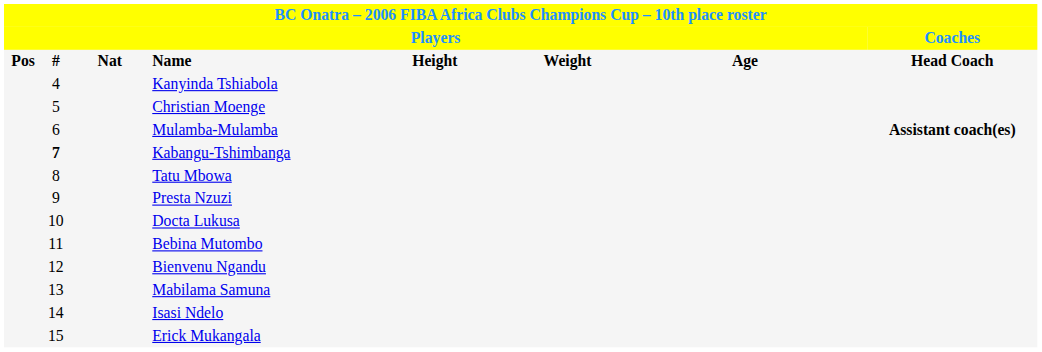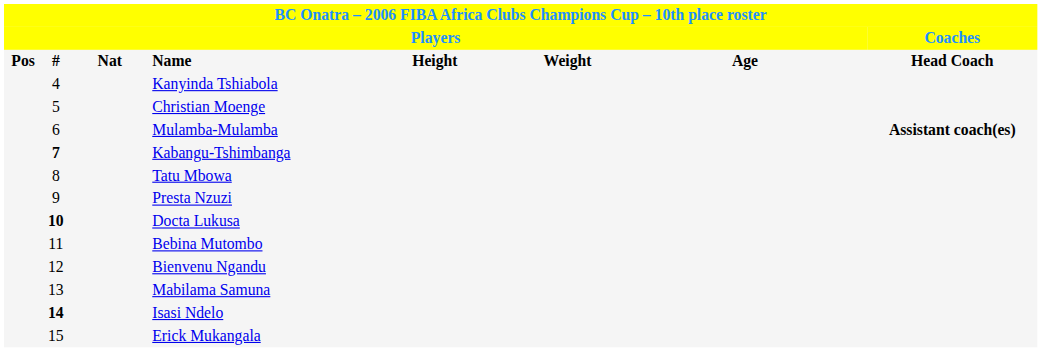 <table border=0 cellpadding=2 cellspacing=0  |- bgcolor=#f5f5f5 style="text-align:center; font-size:90%;" width=75%>
 <tr>
 <td colspan="8" style="background: yellow; color: #1e90ff"><strong>BC Onatra – 2006 FIBA Africa Clubs Champions Cup – 10th place roster</strong></td>
 </tr>
 <tr>
 <td colspan="7" style="background: yellow; color: #1e90ff"><strong>Players</strong></td>
 <td style="background: yellow; color: #1e90ff"><strong>Coaches</strong></td>
 </tr>
 <tr style="background=#f5f5f5; color: black">
 <th width=5px>Pos</th>
 <th width=5px>#</th>
 <th width=50px>Nat</th>
 <th width=135px align=left>Name</th>
 <th width=100px>Height</th>
 <th width=70px>Weight</th>
 <th width=160px>Age</th>
 <th width=110px>Head Coach</th>
 </tr>
 <tr>
 <td></td>
 <td>4</td>
 <td></td>
 <td align=left><a href='#'>Kanyinda Tshiabola</a></td>
 <td></td>
 <td></td>
 <td><span></span></td>
 <td></td>
 </tr>
 <tr>
 <td></td>
 <td>5</td>
 <td></td>
 <td align=left><a href='#'>Christian Moenge</a></td>
 <td></td>
 <td></td>
 <td><span></span></td>
 </tr>
 <tr>
 <td></td>
 <td>6</td>
 <td></td>
 <td align=left><a href='#'>Mulamba-Mulamba</a></td>
 <td></td>
 <td></td>
 <td><span></span></td>
 <td><strong>Assistant coach(es)</strong></td>
 </tr>
 <tr>
 <td></td>
 <td><strong>7</strong></td>
 <td></td>
 <td align=left><a href='#'>Kabangu-Tshimbanga</a></td>
 <td></td>
 <td></td>
 <td><span></span></td>
 </tr>
 <tr>
 <td></td>
 <td>8</td>
 <td></td>
 <td align=left><a href='#'>Tatu Mbowa</a></td>
 <td></td>
 <td></td>
 <td><span></span></td>
 </tr>
 <tr>
 <td></td>
 <td>9</td>
 <td></td>
 <td align=left><a href='#'>Presta Nzuzi</a></td>
 <td></td>
 <td></td>
 <td><span></span></td>
 </tr>
 <tr>
 <td></td>
-<td>10</td>
+<td><strong>10</strong></td>
 <td></td>
 <td align=left><a href='#'>Docta Lukusa</a></td>
 <td></td>
 <td></td>
 <td><span></span></td>
 </tr>
 <tr>
 <td></td>
 <td>11</td>
 <td></td>
 <td align=left><a href='#'>Bebina Mutombo</a></td>
 <td></td>
 <td></td>
 <td><span></span></td>
 </tr>
 <tr>
 <td></td>
 <td>12</td>
 <td></td>
 <td align=left><a href='#'>Bienvenu Ngandu</a></td>
 <td></td>
 <td></td>
 <td><span></span></td>
 <td></td>
 </tr>
 <tr>
 <td></td>
 <td>13</td>
 <td></td>
 <td align=left><a href='#'>Mabilama Samuna</a></td>
 <td></td>
 <td></td>
 <td><span></span></td>
 <td></td>
 </tr>
 <tr>
 <td></td>
-<td>14</td>
+<td><strong>14</strong></td>
 <td></td>
 <td align=left><a href='#'>Isasi Ndelo</a></td>
 <td></td>
 <td></td>
 <td><span></span></td>
 <td></td>
 </tr>
 <tr>
 <td></td>
 <td>15</td>
 <td></td>
 <td align=left><a href='#'>Erick Mukangala</a></td>
 <td></td>
 <td></td>
 <td><span></span></td>
 </tr>
 </table>
